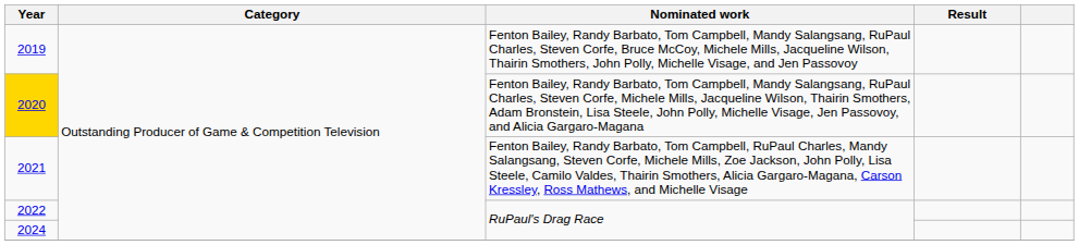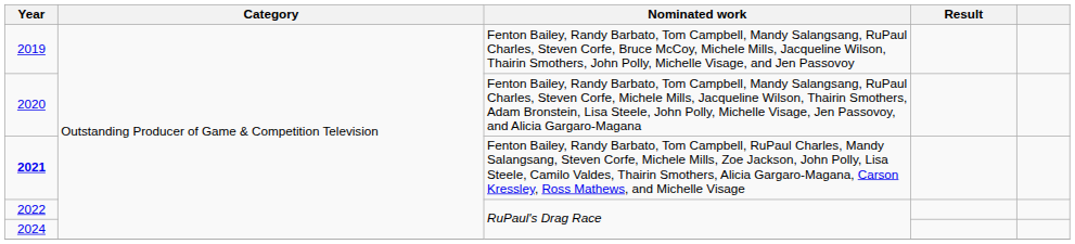 <table class="wikitable" style="width:85%;">
 <tr>
 <th width=5%>Year</th>
 <th style="width:40%;">Category</th>
 <th style="width:40%;">Nominated work</th>
 <th style="width:10%;">Result</th>
 <th width=5%></th>
 </tr>
 <tr>
 <td style="text-align: center;"><a href='#'>2019</a></td>
 <td rowspan="5">Outstanding Producer of Game & Competition Television</td>
 <td>Fenton Bailey, Randy Barbato, Tom Campbell, Mandy Salangsang, RuPaul Charles, Steven Corfe, Bruce McCoy, Michele Mills, Jacqueline Wilson, Thairin Smothers, John Polly, Michelle Visage, and Jen Passovoy</td>
 <td></td>
 <td></td>
 </tr>
 <tr>
-<td style="background: gold; text-align: center;"><a href='#'>2020</a></td>
+<td style="text-align: center;"><a href='#'>2020</a></td>
 <td>Fenton Bailey, Randy Barbato, Tom Campbell, Mandy Salangsang, RuPaul Charles, Steven Corfe, Michele Mills, Jacqueline Wilson, Thairin Smothers, Adam Bronstein, Lisa Steele, John Polly, Michelle Visage, Jen Passovoy, and Alicia Gargaro-Magana</td>
 <td></td>
 <td></td>
 </tr>
 <tr>
-<td style="text-align: center;"><a href='#'>2021</a></td>
+<td style="text-align: center;"><strong><a href='#'>2021</a></strong></td>
 <td>Fenton Bailey, Randy Barbato, Tom Campbell, RuPaul Charles, Mandy Salangsang, Steven Corfe, Michele Mills, Zoe Jackson, John Polly, Lisa Steele, Camilo Valdes, Thairin Smothers, Alicia Gargaro-Magana, <a href='#'>Carson Kressley</a>, <a href='#'>Ross Mathews</a>, and Michelle Visage</td>
 <td></td>
 <td></td>
 </tr>
 <tr>
 <td style="text-align: center"><a href='#'>2022</a></td>
 <td rowspan="2"><em>RuPaul's Drag Race</em></td>
 <td></td>
 <td></td>
 </tr>
 <tr>
 <td align="center"><a href='#'>2024</a></td>
 <td></td>
 <td align="center"></td>
 </tr>
 <tr>
 </tr>
 </table>
